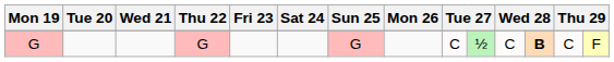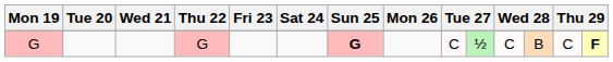 <table class="wikitable" style="margin:0.5em auto; font-size:90%; line-height:1.25em;">
 <tr align="center">
 <th>Mon 19</th>
 <th>Tue 20</th>
 <th>Wed 21</th>
 <th>Thu 22</th>
 <th>Fri 23</th>
 <th>Sat 24</th>
 <th>Sun 25</th>
 <th>Mon 26</th>
 <th colspan=2>Tue 27</th>
 <th colspan=2>Wed 28</th>
 <th colspan=2>Thu 29</th>
 </tr>
 <tr>
 </tr>
 <tr align="center">
 <td bgcolor="#FFBBBB">G</td>
 <td></td>
 <td></td>
 <td bgcolor="#FFBBBB">G</td>
 <td></td>
 <td></td>
-<td bgcolor="#FFBBBB">G</td>
+<td bgcolor="#FFBBBB"><strong>G</strong></td>
 <td></td>
 <td bgcolor=snow>C</td>
 <td bgcolor="#BBF3BB">½</td>
 <td bgcolor=snow>C</td>
-<td bgcolor="#FEDCBA"><strong>B</strong></td>
+<td bgcolor="#FEDCBA">B</td>
 <td bgcolor=snow>C</td>
-<td bgcolor="#FFFFBB">F</td>
+<td bgcolor="#FFFFBB"><strong>F</strong></td>
 </tr>
 </table>
